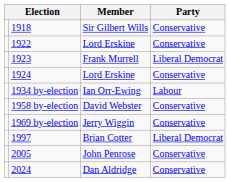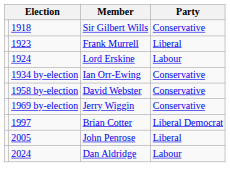 <table class="wikitable">
 <tr>
 <th colspan="2">Election</th>
 <th>Member</th>
 <th>Party</th>
 </tr>
 <tr>
 <td style="color:inherit;background-color: "></td>
 <td><a href='#'>1918</a></td>
 <td><a href='#'>Sir Gilbert Wills</a></td>
 <td><a href='#'>Conservative</a></td>
 </tr>
 <tr>
 <td style="color:inherit;background-color: "></td>
-<td><a href='#'>1922</a></td>
-<td><a href='#'>Lord Erskine</a></td>
-<td><a href='#'>Conservative</a></td>
-</tr>
-<tr>
-<td style="color:inherit;background-color: "></td>
 <td><a href='#'>1923</a></td>
 <td><a href='#'>Frank Murrell</a></td>
-<td><a href='#'>Liberal Democrat</a></td>
+<td><a href='#'>Liberal</a></td>
 </tr>
 <tr>
 <td style="color:inherit;background-color: "></td>
 <td><a href='#'>1924</a></td>
 <td><a href='#'>Lord Erskine</a></td>
-<td><a href='#'>Conservative</a></td>
+<td><a href='#'>Labour</a></td>
 </tr>
 <tr>
 <td style="color:inherit;background-color: "></td>
 <td><a href='#'>1934 by-election</a></td>
 <td><a href='#'>Ian Orr-Ewing</a></td>
-<td><a href='#'>Labour</a></td>
+<td><a href='#'>Conservative</a></td>
 </tr>
 <tr>
 <td style="color:inherit;background-color: "></td>
 <td><a href='#'>1958 by-election</a></td>
 <td><a href='#'>David Webster</a></td>
 <td><a href='#'>Conservative</a></td>
 </tr>
 <tr>
 <td style="color:inherit;background-color: "></td>
 <td><a href='#'>1969 by-election</a></td>
 <td><a href='#'>Jerry Wiggin</a></td>
 <td><a href='#'>Conservative</a></td>
 </tr>
 <tr>
 <td style="color:inherit;background-color: "></td>
 <td><a href='#'>1997</a></td>
 <td><a href='#'>Brian Cotter</a></td>
 <td><a href='#'>Liberal Democrat</a></td>
 </tr>
 <tr>
 <td style="color:inherit;background-color: "></td>
 <td><a href='#'>2005</a></td>
 <td><a href='#'>John Penrose</a></td>
-<td><a href='#'>Conservative</a></td>
+<td><a href='#'>Liberal</a></td>
 </tr>
 <tr>
 <td style="color:inherit;background-color: "></td>
 <td><a href='#'>2024</a></td>
 <td><a href='#'>Dan Aldridge</a></td>
-<td><a href='#'>Conservative</a></td>
+<td><a href='#'>Labour</a></td>
 </tr>
 </table>
